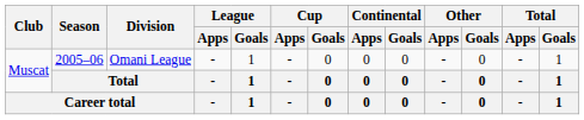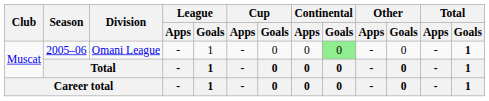 <table class="wikitable" style="text-align: center;">
 <tr>
 <th rowspan="2">Club</th>
 <th rowspan="2">Season</th>
 <th rowspan="2">Division</th>
 <th colspan="2">League</th>
 <th colspan="2">Cup</th>
 <th colspan="2">Continental</th>
 <th colspan="2">Other</th>
 <th colspan="2">Total</th>
 </tr>
 <tr>
 <th>Apps</th>
 <th>Goals</th>
 <th>Apps</th>
 <th>Goals</th>
 <th>Apps</th>
 <th>Goals</th>
 <th>Apps</th>
 <th>Goals</th>
 <th>Apps</th>
 <th>Goals</th>
 </tr>
 <tr>
 <td rowspan="2"><a href='#'>Muscat</a></td>
 <td><a href='#'>2005–06</a></td>
 <td rowspan="1"><a href='#'>Omani League</a></td>
 <td>-</td>
 <td>1</td>
 <td>-</td>
 <td>0</td>
 <td>0</td>
-<td>0</td>
+<td style="background: lightgreen;">0</td>
 <td>-</td>
 <td>0</td>
 <td>-</td>
-<td>1</td>
+<td><strong>1</strong></td>
 </tr>
 <tr>
 <th colspan="2">Total</th>
 <th>-</th>
 <th>1</th>
 <th>-</th>
 <th>0</th>
 <th>0</th>
 <th>0</th>
 <th>-</th>
 <th>0</th>
 <th>-</th>
 <th>1</th>
 </tr>
 <tr>
 <th colspan="3">Career total</th>
 <th>-</th>
 <th>1</th>
 <th>-</th>
 <th>0</th>
 <th>0</th>
 <th>0</th>
 <th>-</th>
 <th>0</th>
 <th>-</th>
 <th>1</th>
 </tr>
 </table>
